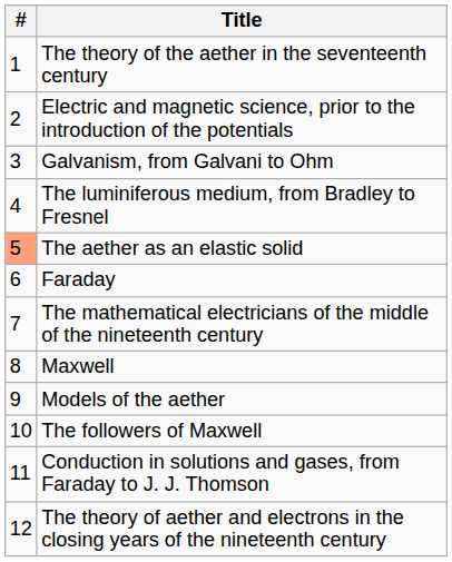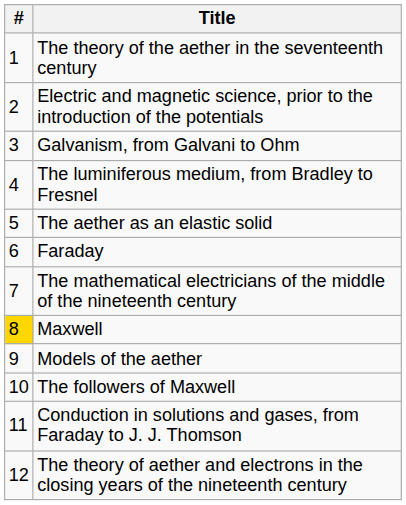 <table class="wikitable" style="float: right; width: 22em; margin-left: 1em">
 <tr>
 <th scope="col">#</th>
 <th scope="col">Title</th>
 </tr>
 <tr>
 <td>1</td>
 <td>The theory of the aether in the seventeenth century</td>
 </tr>
 <tr>
 <td>2</td>
 <td>Electric and magnetic science, prior to the introduction of the potentials</td>
 </tr>
 <tr>
 <td>3</td>
 <td>Galvanism, from Galvani to Ohm</td>
 </tr>
 <tr>
 <td>4</td>
 <td>The luminiferous medium, from Bradley to Fresnel</td>
 </tr>
 <tr>
-<td style="background: lightsalmon;">5</td>
+<td>5</td>
 <td>The aether as an elastic solid</td>
 </tr>
 <tr>
 <td>6</td>
 <td>Faraday</td>
 </tr>
 <tr>
 <td>7</td>
 <td>The mathematical electricians of the middle of the nineteenth century</td>
 </tr>
 <tr>
-<td>8</td>
+<td style="background: gold;">8</td>
 <td>Maxwell</td>
 </tr>
 <tr>
 <td>9</td>
 <td>Models of the aether</td>
 </tr>
 <tr>
 <td>10</td>
 <td>The followers of Maxwell</td>
 </tr>
 <tr>
 <td>11</td>
 <td>Conduction in solutions and gases, from Faraday to J. J. Thomson</td>
 </tr>
 <tr>
 <td>12</td>
 <td>The theory of aether and electrons in the closing years of the nineteenth century</td>
 </tr>
 </table>
